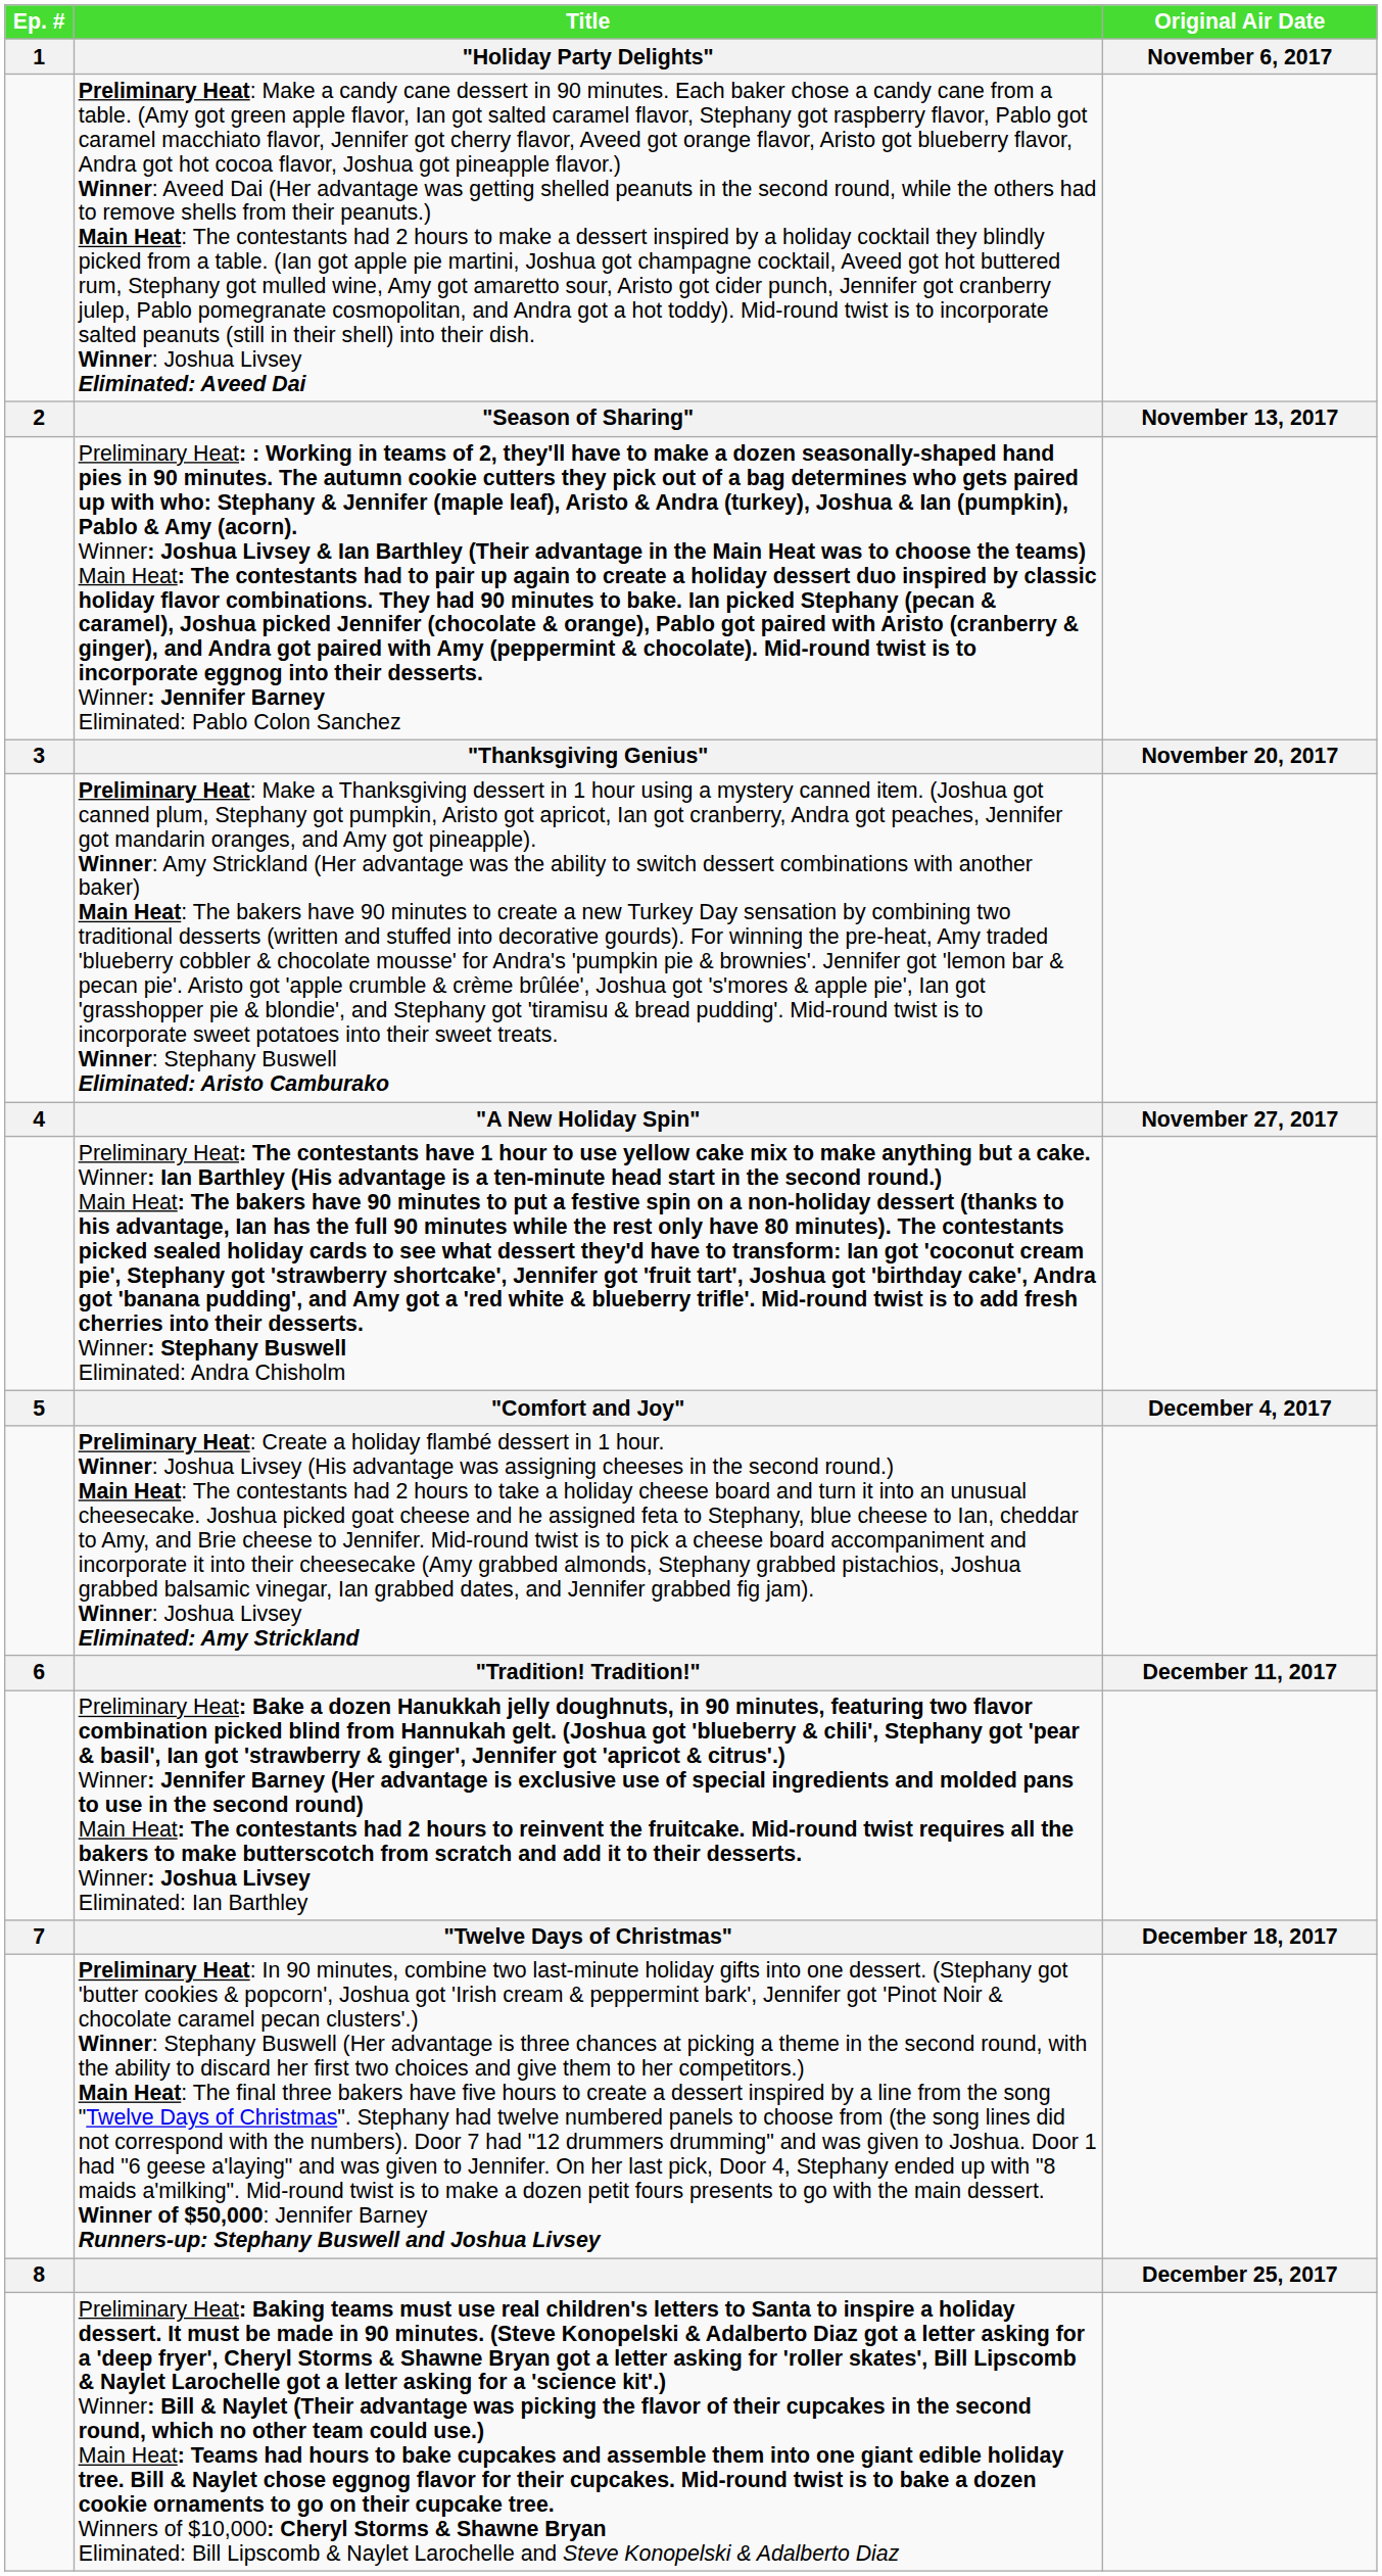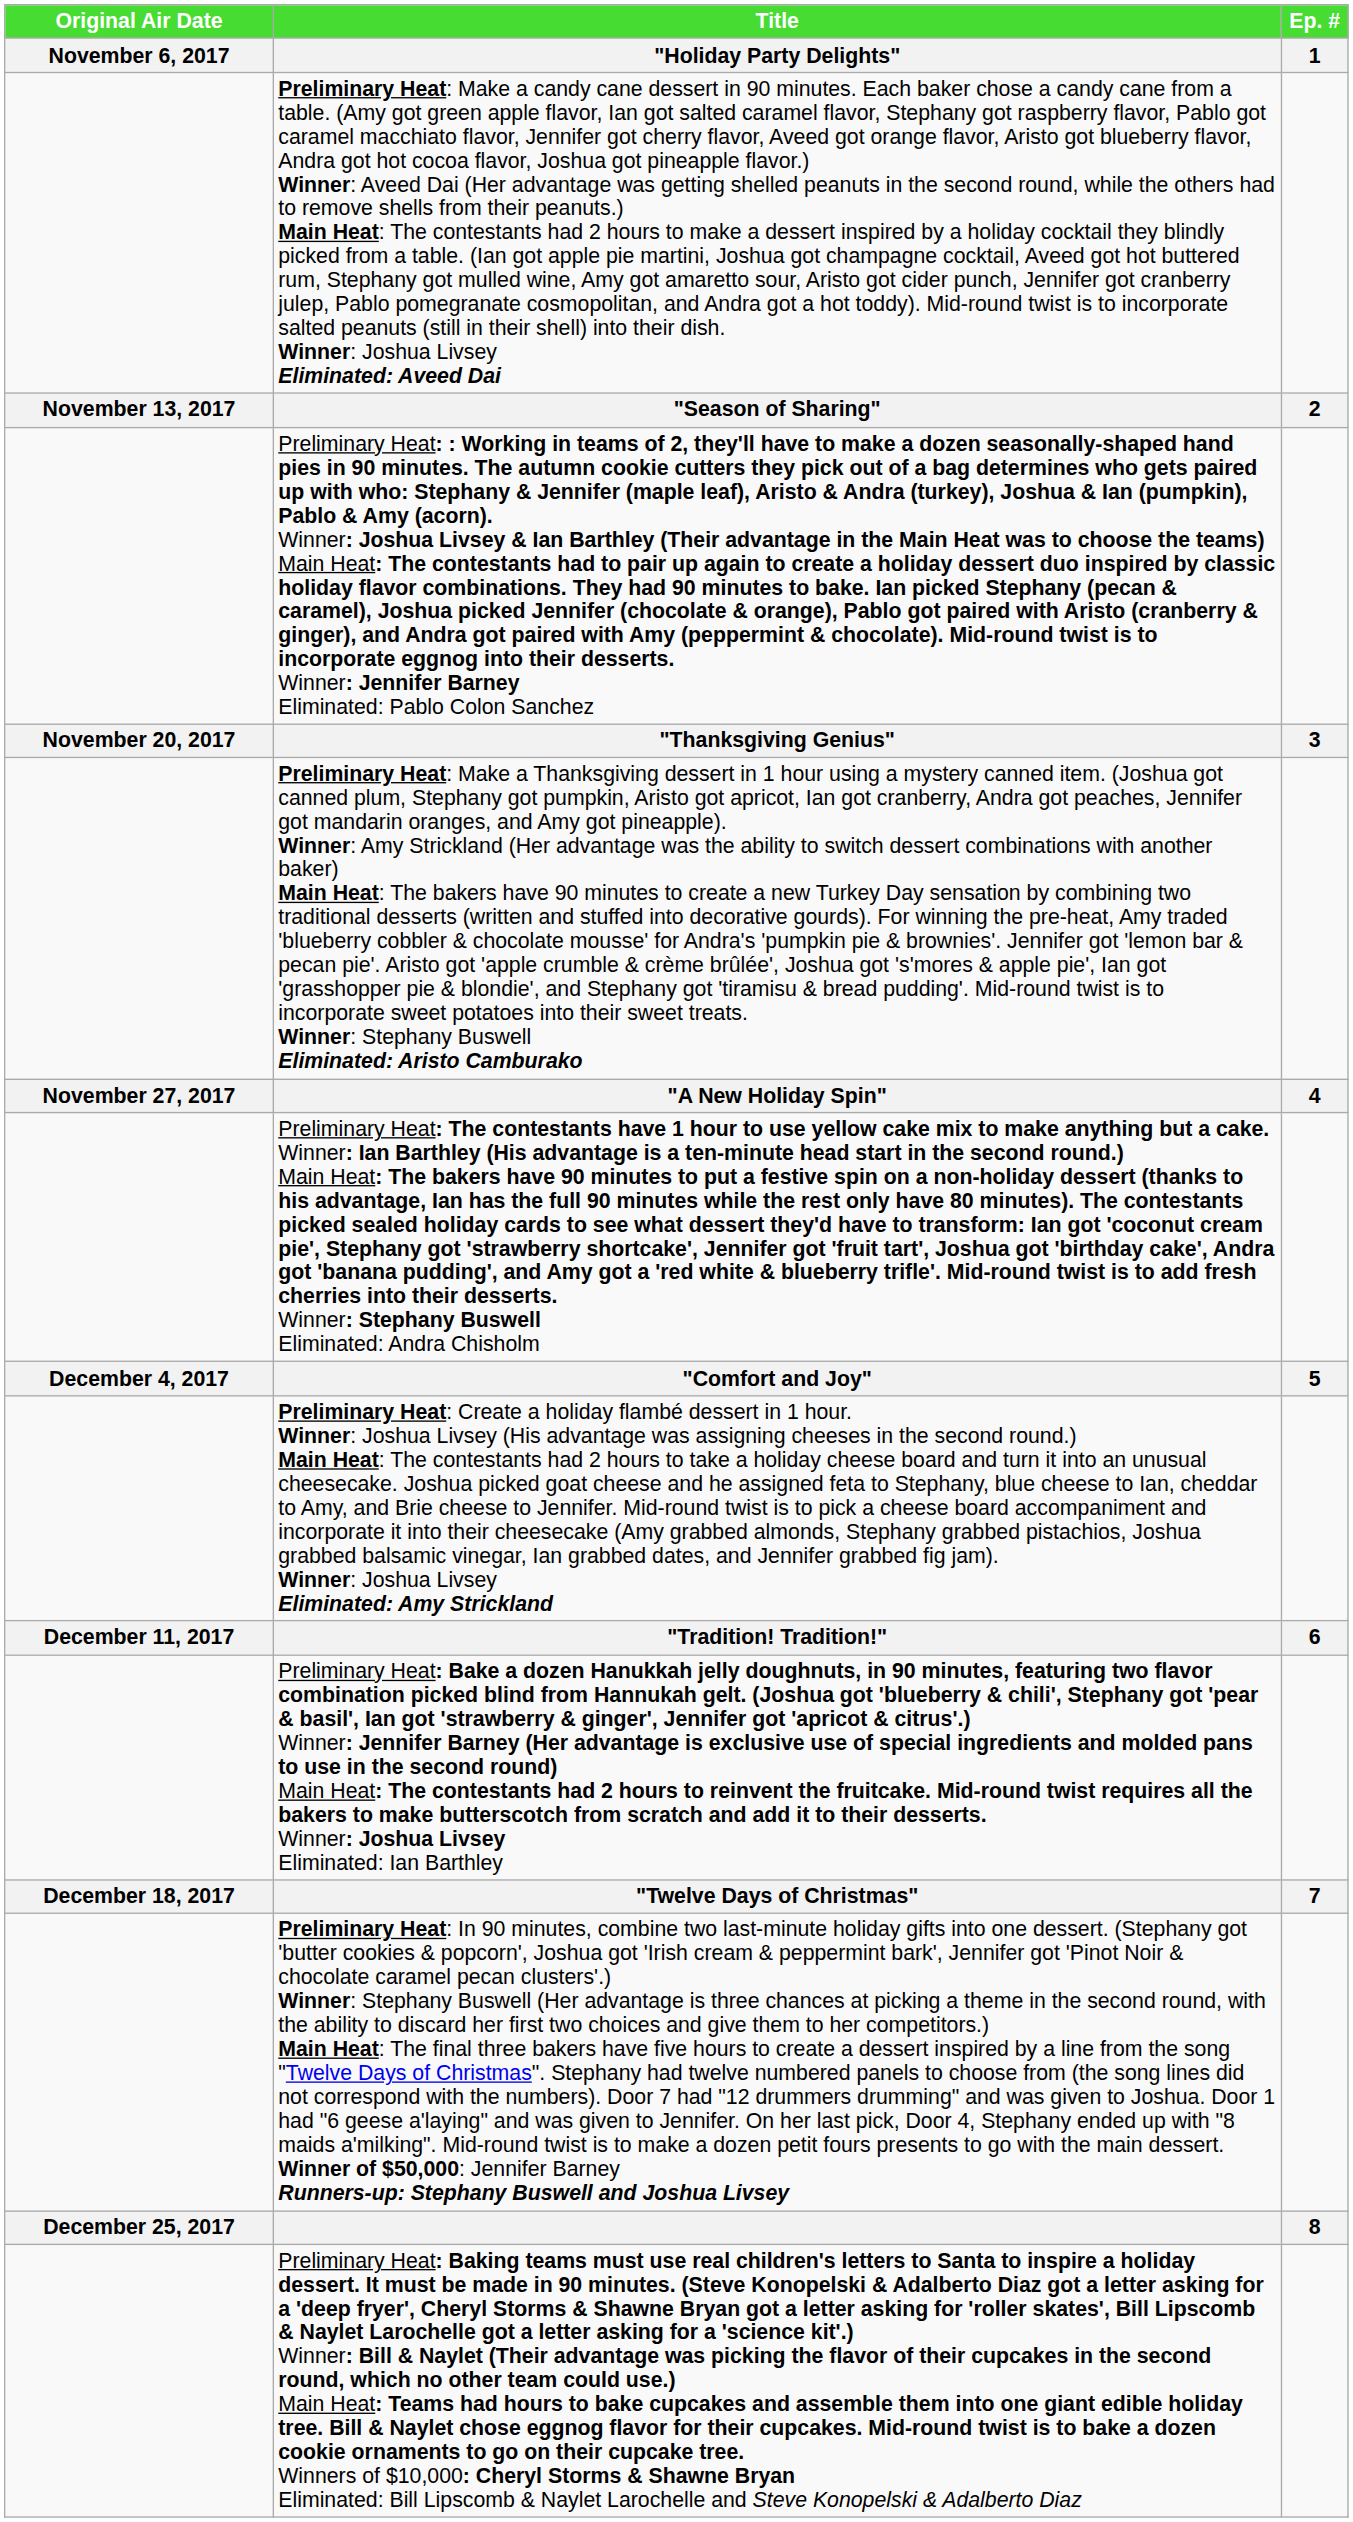 <table class="wikitable plainrowheaders" style="width:80%;">
 <tr>
+<th style="background-color: #46dc32; color: #FFFFFF;" width=20%>Original Air Date</th>
+<th style="background-color: #46dc32; color: #FFFFFF;">Title</th>
 <th style="background-color: #46dc32; color: #FFFFFF;" width=5%>Ep. #</th>
-<th style="background-color: #46dc32; color: #FFFFFF;">Title</th>
-<th style="background-color: #46dc32; color: #FFFFFF;" width=20%>Original Air Date</th>
 </tr>
 <tr>
+<th>November 6, 2017</th>
+<th>"Holiday Party Delights"</th>
 <th align="center">1</th>
-<th>"Holiday Party Delights"</th>
-<th>November 6, 2017</th>
 </tr>
 <tr>
 <td></td>
 <td><strong><u>Preliminary Heat</u></strong>: Make a candy cane dessert in 90 minutes. Each baker chose a candy cane from a table. (Amy got green apple flavor, Ian got salted caramel flavor, Stephany got raspberry flavor, Pablo got caramel macchiato flavor, Jennifer got cherry flavor, Aveed got orange flavor, Aristo got blueberry flavor, Andra got hot cocoa flavor, Joshua got pineapple flavor.)<br><strong>Winner</strong>: Aveed Dai (Her advantage was getting shelled peanuts in the second round, while the others had to remove shells from their peanuts.)<br><strong><u>Main Heat</u></strong>: The contestants had 2 hours to make a dessert inspired by a holiday cocktail they blindly picked from a table. (Ian got apple pie martini, Joshua got champagne cocktail, Aveed got hot buttered rum, Stephany got mulled wine, Amy got amaretto sour, Aristo got cider punch, Jennifer got cranberry julep, Pablo pomegranate cosmopolitan, and Andra got a hot toddy). Mid-round twist is to incorporate salted peanuts (still in their shell) into their dish.<br><strong>Winner</strong>: Joshua Livsey<br><strong><em>Eliminated<strong>: Aveed Dai<em></td>
 <td></td>
 </tr>
 <tr>
+<th>November 13, 2017</th>
+<th>"Season of Sharing"</th>
 <th align="center">2</th>
-<th>"Season of Sharing"</th>
-<th>November 13, 2017</th>
 </tr>
 <tr>
 <td></td>
 <td></strong><u>Preliminary Heat</u><strong>: : Working in teams of 2, they'll have to make a dozen seasonally-shaped hand pies in 90 minutes. The autumn cookie cutters they pick out of a bag determines who gets paired up with who: Stephany & Jennifer (maple leaf), Aristo & Andra (turkey), Joshua & Ian (pumpkin), Pablo & Amy (acorn).<br></strong>Winner<strong>: Joshua Livsey & Ian Barthley (Their advantage in the Main Heat was to choose the teams)<br></strong><u>Main Heat</u><strong>: The contestants had to pair up again to create a holiday dessert duo inspired by classic holiday flavor combinations. They had 90 minutes to bake. Ian picked Stephany (pecan & caramel), Joshua picked Jennifer (chocolate & orange), Pablo got paired with Aristo (cranberry & ginger), and Andra got paired with Amy (peppermint & chocolate). Mid-round twist is to incorporate eggnog into their desserts.<br></strong>Winner<strong>: Jennifer Barney<br></em></strong>Eliminated</strong>: Pablo Colon Sanchez</em></td>
 <td></td>
 </tr>
 <tr>
+<th>November 20, 2017</th>
+<th>"Thanksgiving Genius"</th>
 <th align="center">3</th>
-<th>"Thanksgiving Genius"</th>
-<th>November 20, 2017</th>
 </tr>
 <tr>
 <td></td>
 <td><strong><u>Preliminary Heat</u></strong>: Make a Thanksgiving dessert in 1 hour using a mystery canned item. (Joshua got canned plum, Stephany got pumpkin, Aristo got apricot, Ian got cranberry, Andra got peaches, Jennifer got mandarin oranges, and Amy got pineapple).<br><strong>Winner</strong>: Amy Strickland (Her advantage was the ability to switch dessert combinations with another baker)<br><strong><u>Main Heat</u></strong>: The bakers have 90 minutes to create a new Turkey Day sensation by combining two traditional desserts (written and stuffed into decorative gourds). For winning the pre-heat, Amy traded 'blueberry cobbler & chocolate mousse' for Andra's 'pumpkin pie & brownies'. Jennifer got 'lemon bar & pecan pie'. Aristo got 'apple crumble & crème brûlée', Joshua got 's'mores & apple pie', Ian got 'grasshopper pie & blondie', and Stephany got 'tiramisu & bread pudding'. Mid-round twist is to incorporate sweet potatoes into their sweet treats.<br><strong>Winner</strong>: Stephany Buswell<br><strong><em>Eliminated<strong>: Aristo Camburako<em></td>
 <td></td>
 </tr>
 <tr>
+<th>November 27, 2017</th>
+<th>"A New Holiday Spin"</th>
 <th align="center">4</th>
-<th>"A New Holiday Spin"</th>
-<th>November 27, 2017</th>
 </tr>
 <tr>
 <td></td>
 <td></strong><u>Preliminary Heat</u><strong>: The contestants have 1 hour to use yellow cake mix to make anything but a cake.<br></strong>Winner<strong>: Ian Barthley (His advantage is a ten-minute head start in the second round.)<br></strong><u>Main Heat</u><strong>: The bakers have 90 minutes to put a festive spin on a non-holiday dessert (thanks to his advantage, Ian has the full 90 minutes while the rest only have 80 minutes). The contestants picked sealed holiday cards to see what dessert they'd have to transform: Ian got 'coconut cream pie', Stephany got 'strawberry shortcake', Jennifer got 'fruit tart', Joshua got 'birthday cake', Andra got 'banana pudding', and Amy got a 'red white & blueberry trifle'. Mid-round twist is to add fresh cherries into their desserts.<br></strong>Winner<strong>: Stephany Buswell<br></em></strong>Eliminated</strong>: Andra Chisholm</em></td>
 <td></td>
 </tr>
 <tr>
+<th>December 4, 2017</th>
+<th>"Comfort and Joy"</th>
 <th>5</th>
-<th>"Comfort and Joy"</th>
-<th>December 4, 2017</th>
 </tr>
 <tr>
 <td></td>
 <td><strong><u>Preliminary Heat</u></strong>: Create a holiday flambé dessert in 1 hour.<br><strong>Winner</strong>: Joshua Livsey (His advantage was assigning cheeses in the second round.)<br><strong><u>Main Heat</u></strong>: The contestants had 2 hours to take a holiday cheese board and turn it into an unusual cheesecake. Joshua picked goat cheese and he assigned feta to Stephany, blue cheese to Ian, cheddar to Amy, and Brie cheese to Jennifer. Mid-round twist is to pick a cheese board accompaniment and incorporate it into their cheesecake (Amy grabbed almonds, Stephany grabbed pistachios, Joshua grabbed balsamic vinegar, Ian grabbed dates, and Jennifer grabbed fig jam).<br><strong>Winner</strong>: Joshua Livsey<br><strong><em>Eliminated<strong>: Amy Strickland<em></td>
 <td></td>
 </tr>
 <tr>
+<th>December 11, 2017</th>
+<th>"Tradition! Tradition!"</th>
 <th>6</th>
-<th>"Tradition! Tradition!"</th>
-<th>December 11, 2017</th>
 </tr>
 <tr>
 <td></td>
 <td></strong><u>Preliminary Heat</u><strong>: Bake a dozen Hanukkah jelly doughnuts, in 90 minutes, featuring two flavor combination picked blind from Hannukah gelt. (Joshua got 'blueberry & chili', Stephany got 'pear & basil', Ian got 'strawberry & ginger', Jennifer got 'apricot & citrus'.)<br></strong>Winner<strong>: Jennifer Barney (Her advantage is exclusive use of special ingredients and molded pans to use in the second round)<br></strong><u>Main Heat</u><strong>: The contestants had 2 hours to reinvent the fruitcake. Mid-round twist requires all the bakers to make butterscotch from scratch and add it to their desserts.<br></strong>Winner<strong>: Joshua Livsey<br></em></strong>Eliminated</strong>: Ian Barthley</em></td>
 <td></td>
 </tr>
 <tr>
+<th>December 18, 2017</th>
+<th>"Twelve Days of Christmas"</th>
 <th>7</th>
-<th>"Twelve Days of Christmas"</th>
-<th>December 18, 2017</th>
 </tr>
 <tr>
 <td></td>
 <td><strong><u>Preliminary Heat</u></strong>: In 90 minutes, combine two last-minute holiday gifts into one dessert. (Stephany got 'butter cookies & popcorn', Joshua got 'Irish cream & peppermint bark', Jennifer got 'Pinot Noir & chocolate caramel pecan clusters'.)<br><strong>Winner</strong>: Stephany Buswell (Her advantage is three chances at picking a theme in the second round, with the ability to discard her first two choices and give them to her competitors.)<br><strong><u>Main Heat</u></strong>: The final three bakers have five hours to create a dessert inspired by a line from the song "<a href='#'>Twelve Days of Christmas</a>". Stephany had twelve numbered panels to choose from (the song lines did not correspond with the numbers). Door 7 had "12 drummers drumming" and was given to Joshua. Door 1 had "6 geese a'laying" and was given to Jennifer. On her last pick, Door 4, Stephany ended up with "8 maids a'milking". Mid-round twist is to make a dozen petit fours presents to go with the main dessert.<br><strong>Winner of $50,000</strong>: Jennifer Barney<br><strong><em>Runners-up<strong>: Stephany Buswell<em> and </em>Joshua Livsey<em></td>
 <td></td>
 </tr>
 <tr>
+<th>December 25, 2017</th>
+<th></th>
 <th>8</th>
-<th></th>
-<th>December 25, 2017</th>
 </tr>
 <tr>
 <td></td>
 <td></strong><u>Preliminary Heat</u><strong>: Baking teams must use real children's letters to Santa to inspire a holiday dessert. It must be made in 90 minutes. (Steve Konopelski & Adalberto Diaz got a letter asking for a 'deep fryer', Cheryl Storms & Shawne Bryan got a letter asking for 'roller skates', Bill Lipscomb & Naylet Larochelle got a letter asking for a 'science kit'.)<br></strong>Winner<strong>: Bill & Naylet (Their advantage was picking the flavor of their cupcakes in the second round, which no other team could use.)<br></strong><u>Main Heat</u><strong>: Teams had  hours to bake cupcakes and assemble them into one giant edible holiday tree. Bill & Naylet chose eggnog flavor for their cupcakes. Mid-round twist is to bake a dozen cookie ornaments to go on their cupcake tree.<br></strong>Winners of $10,000<strong>: Cheryl Storms & Shawne Bryan<br></em></strong>Eliminated</strong>: Bill Lipscomb & Naylet Larochelle</em> and <em>Steve Konopelski & Adalberto Diaz</em></td>
 <td></td>
 </tr>
 </table>
